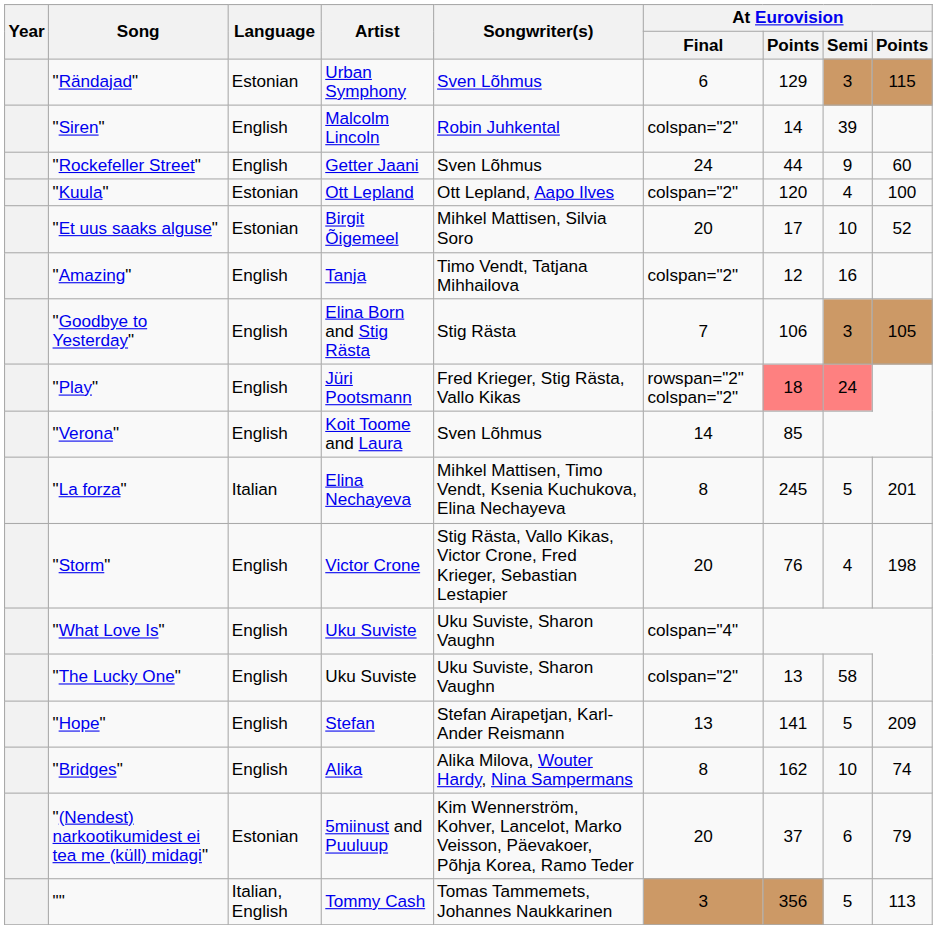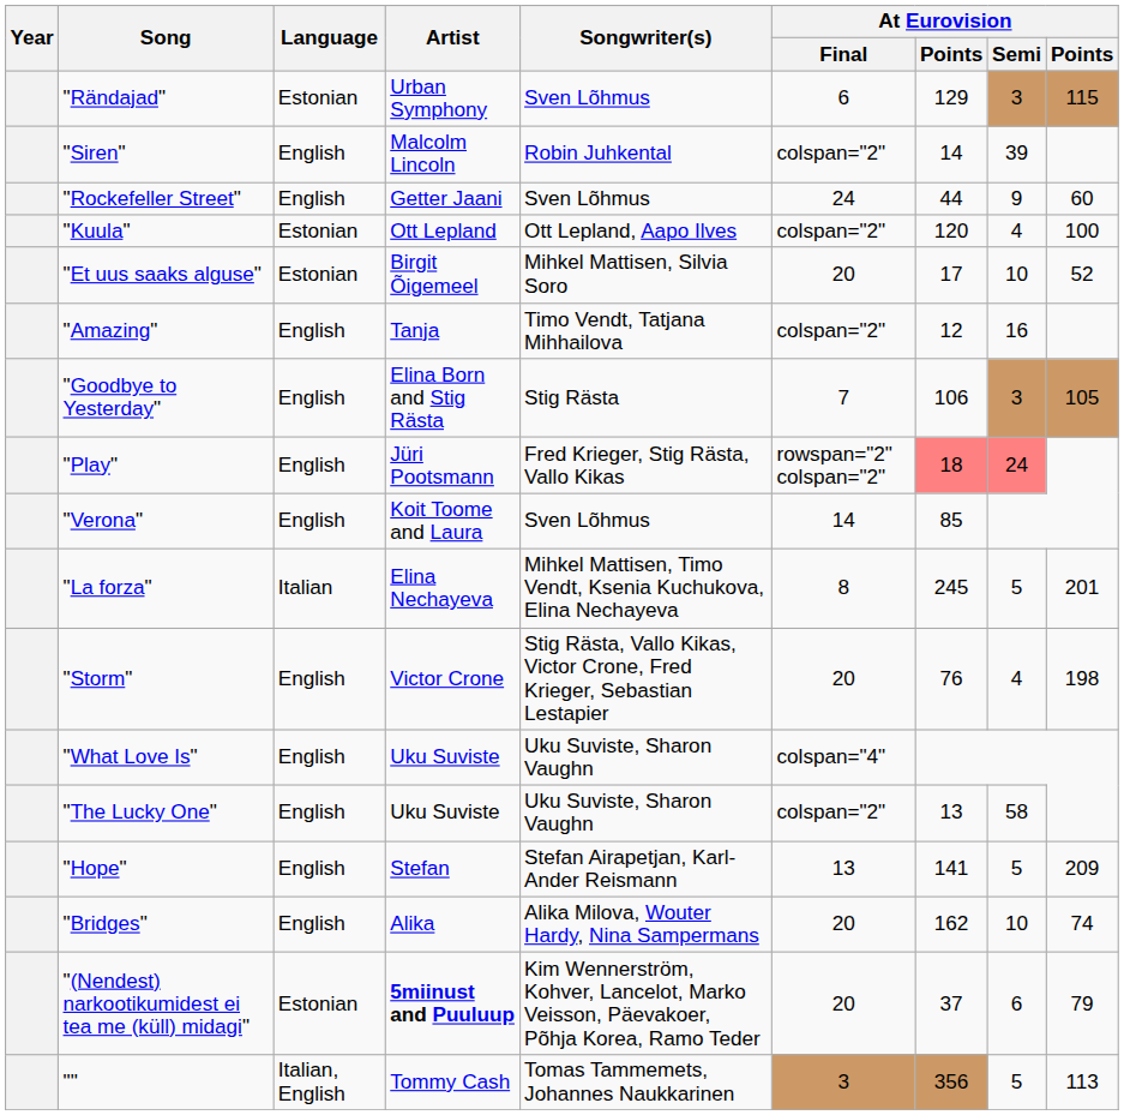 <table class="wikitable">
 <tr>
 <th rowspan="2">Year</th>
 <th rowspan="2">Song</th>
 <th rowspan="2">Language</th>
 <th rowspan="2">Artist</th>
 <th rowspan="2">Songwriter(s)</th>
 <th colspan="4">At <a href='#'>Eurovision</a></th>
 </tr>
 <tr>
 <th>Final</th>
 <th>Points</th>
 <th>Semi</th>
 <th>Points</th>
 </tr>
 <tr>
 <th></th>
 <td>"<a href='#'>Rändajad</a>"</td>
 <td>Estonian</td>
 <td><a href='#'>Urban Symphony</a></td>
 <td><a href='#'>Sven Lõhmus</a></td>
 <td align=center>6</td>
 <td align=center>129</td>
 <td align=center bgcolor="#CC9966">3</td>
 <td align=center bgcolor="#CC9966">115</td>
 </tr>
 <tr>
 <th></th>
 <td>"<a href='#'>Siren</a>"</td>
 <td>English</td>
 <td><a href='#'>Malcolm Lincoln</a></td>
 <td><a href='#'>Robin Juhkental</a></td>
 <td>colspan="2" </td>
 <td align=center>14</td>
 <td align=center>39</td>
 </tr>
 <tr>
 <th></th>
 <td>"<a href='#'>Rockefeller Street</a>"</td>
 <td>English</td>
 <td><a href='#'>Getter Jaani</a></td>
 <td>Sven Lõhmus</td>
 <td align=center>24</td>
 <td align=center>44</td>
 <td align=center>9</td>
 <td align=center>60</td>
 </tr>
 <tr>
 <th></th>
 <td>"<a href='#'>Kuula</a>"</td>
 <td>Estonian</td>
 <td><a href='#'>Ott Lepland</a></td>
 <td>Ott Lepland, <a href='#'>Aapo Ilves</a></td>
 <td>colspan="2" </td>
 <td align=center>120</td>
 <td align=center>4</td>
 <td align=center>100</td>
 </tr>
 <tr>
 <th></th>
 <td>"<a href='#'>Et uus saaks alguse</a>"</td>
 <td>Estonian</td>
 <td><a href='#'>Birgit Õigemeel</a></td>
 <td>Mihkel Mattisen, Silvia Soro</td>
 <td align=center>20</td>
 <td align=center>17</td>
 <td align=center>10</td>
 <td align=center>52</td>
 </tr>
 <tr>
 <th></th>
 <td>"<a href='#'>Amazing</a>"</td>
 <td>English</td>
 <td><a href='#'>Tanja</a></td>
 <td>Timo Vendt, Tatjana Mihhailova</td>
 <td>colspan="2" </td>
 <td align=center>12</td>
 <td align=center>16</td>
 </tr>
 <tr>
 <th></th>
 <td>"<a href='#'>Goodbye to Yesterday</a>"</td>
 <td>English</td>
 <td><a href='#'>Elina Born</a> and <a href='#'>Stig Rästa</a></td>
 <td>Stig Rästa</td>
 <td align=center>7</td>
 <td align=center>106</td>
 <td align=center bgcolor="#CC9966">3</td>
 <td align=center bgcolor="#CC9966">105</td>
 </tr>
 <tr>
 <th></th>
 <td>"<a href='#'>Play</a>"</td>
 <td>English</td>
 <td><a href='#'>Jüri Pootsmann</a></td>
 <td>Fred Krieger, Stig Rästa, Vallo Kikas</td>
 <td>rowspan="2" colspan="2" </td>
 <td align=center bgcolor="#FE8080">18</td>
 <td align=center bgcolor="#FE8080">24</td>
 </tr>
 <tr>
 <th></th>
 <td>"<a href='#'>Verona</a>"</td>
 <td>English</td>
 <td><a href='#'>Koit Toome</a> and <a href='#'>Laura</a></td>
 <td>Sven Lõhmus</td>
 <td align=center>14</td>
 <td align=center>85</td>
 </tr>
 <tr>
 <th></th>
 <td>"<a href='#'>La forza</a>"</td>
 <td>Italian</td>
 <td><a href='#'>Elina Nechayeva</a></td>
 <td>Mihkel Mattisen, Timo Vendt, Ksenia Kuchukova, Elina Nechayeva</td>
 <td align=center>8</td>
 <td align=center>245</td>
 <td align=center>5</td>
 <td align=center>201</td>
 </tr>
 <tr>
 <th></th>
 <td>"<a href='#'>Storm</a>"</td>
 <td>English</td>
 <td><a href='#'>Victor Crone</a></td>
 <td>Stig Rästa, Vallo Kikas, Victor Crone, Fred Krieger, Sebastian Lestapier</td>
 <td align=center>20</td>
 <td align=center>76</td>
 <td align=center>4</td>
 <td align=center>198</td>
 </tr>
 <tr>
 <th></th>
 <td>"<a href='#'>What Love Is</a>"</td>
 <td>English</td>
 <td><a href='#'>Uku Suviste</a></td>
 <td>Uku Suviste, Sharon Vaughn</td>
 <td>colspan="4" </td>
 </tr>
 <tr>
 <th></th>
 <td>"<a href='#'>The Lucky One</a>"</td>
 <td>English</td>
 <td>Uku Suviste</td>
 <td>Uku Suviste, Sharon Vaughn</td>
 <td>colspan="2" </td>
 <td align=center>13</td>
 <td align=center>58</td>
 </tr>
 <tr>
 <th></th>
 <td>"<a href='#'>Hope</a>"</td>
 <td>English</td>
 <td><a href='#'>Stefan</a></td>
 <td>Stefan Airapetjan, Karl-Ander Reismann</td>
 <td align=center>13</td>
 <td align=center>141</td>
 <td align=center>5</td>
 <td align=center>209</td>
 </tr>
 <tr>
 <th></th>
 <td>"<a href='#'>Bridges</a>"</td>
 <td>English</td>
 <td><a href='#'>Alika</a></td>
 <td>Alika Milova, <a href='#'>Wouter Hardy</a>, <a href='#'>Nina Sampermans</a></td>
-<td align=center>8</td>
+<td align=center>20</td>
 <td align=center>162</td>
 <td align=center>10</td>
 <td align=center>74</td>
 </tr>
 <tr>
 <th></th>
 <td>"<a href='#'>(Nendest) narkootikumidest ei tea me (küll) midagi</a>"</td>
 <td>Estonian</td>
-<td><a href='#'>5miinust</a> and <a href='#'>Puuluup</a></td>
+<td><strong><a href='#'>5miinust</a> and <a href='#'>Puuluup</a></strong></td>
 <td>Kim Wennerström, Kohver, Lancelot, Marko Veisson, Päevakoer, Põhja Korea, Ramo Teder</td>
 <td align=center>20</td>
 <td align=center>37</td>
 <td align=center>6</td>
 <td align=center>79</td>
 </tr>
 <tr>
 <th></th>
 <td>""</td>
 <td>Italian, English</td>
 <td><a href='#'>Tommy Cash</a></td>
 <td>Tomas Tammemets, Johannes Naukkarinen</td>
 <td align=center bgcolor="#CC9966">3</td>
 <td align=center bgcolor="#CC9966">356</td>
 <td align=center>5</td>
 <td align=center>113</td>
 </tr>
 </table>
